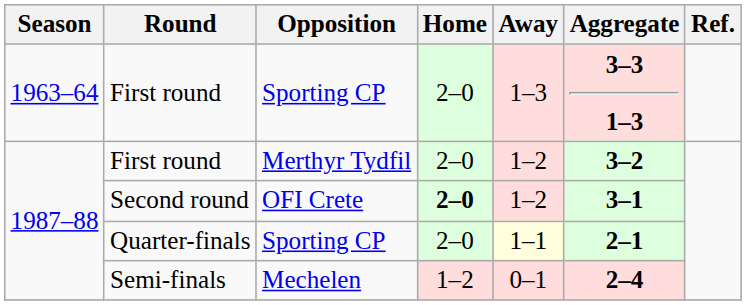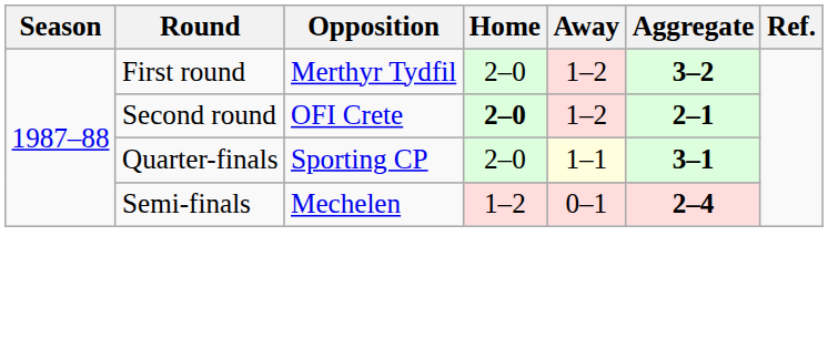 <table class="wikitable">
 <tr>
 <th>Season</th>
 <th>Round</th>
 <th>Opposition</th>
 <th>Home</th>
 <th>Away</th>
 <th>Aggregate</th>
 <th>Ref.</th>
-</tr>
-<tr>
-<td><a href='#'>1963–64</a></td>
-<td>First round</td>
-<td> <a href='#'>Sporting CP</a></td>
-<td style="text-align:center; background:#dfd;">2–0</td>
-<td style="text-align:center; background:#fdd;">1–3</td>
-<td style="text-align:center; background:#fdd;"><strong>3–3<hr>1–3 </strong></td>
-<td style="text-align:center;"></td>
 </tr>
 <tr>
 <td rowspan="4"><a href='#'>1987–88</a></td>
 <td>First round</td>
 <td> <a href='#'>Merthyr Tydfil</a></td>
 <td style="text-align:center; background:#dfd;">2–0</td>
 <td style="text-align:center; background:#fdd;">1–2</td>
 <td style="text-align:center; background:#dfd;"><strong>3–2</strong></td>
 <td style="text-align:center;" rowspan="4"></td>
 </tr>
 <tr>
 <td>Second round</td>
 <td> <a href='#'>OFI Crete</a></td>
 <td style="text-align:center; background:#dfd;"><strong>2–0</strong></td>
 <td style="text-align:center; background:#fdd;">1–2</td>
-<td style="text-align:center; background:#dfd;"><strong>3–1</strong></td>
+<td style="text-align:center; background:#dfd;"><strong>2–1</strong></td>
 </tr>
 <tr>
 <td>Quarter-finals</td>
 <td> <a href='#'>Sporting CP</a></td>
 <td style="text-align:center; background:#dfd;">2–0</td>
 <td style="text-align:center; background:#ffd;">1–1</td>
-<td style="text-align:center; background:#dfd;"><strong>2–1</strong></td>
+<td style="text-align:center; background:#dfd;"><strong>3–1</strong></td>
 </tr>
 <tr>
 <td>Semi-finals</td>
 <td> <a href='#'>Mechelen</a></td>
 <td style="text-align:center; background:#fdd;">1–2</td>
 <td style="text-align:center; background:#fdd;">0–1</td>
 <td style="text-align:center; background:#fdd;"><strong>2–4</strong></td>
 </tr>
 </table>
